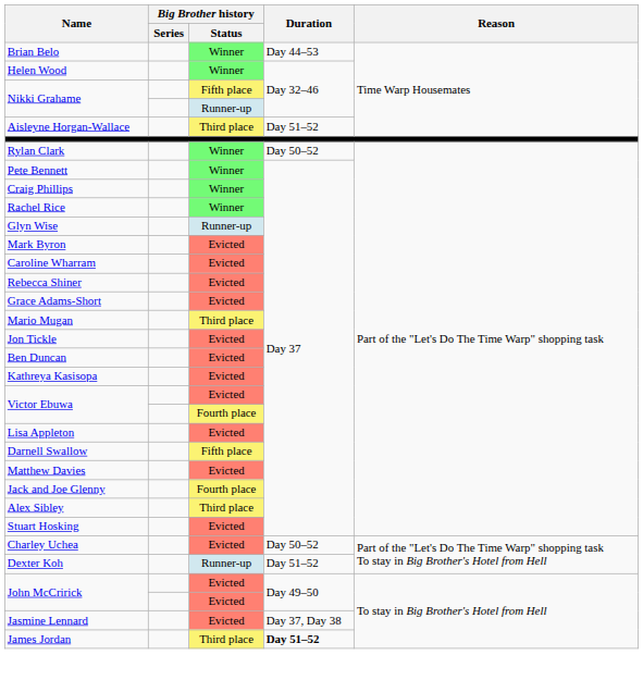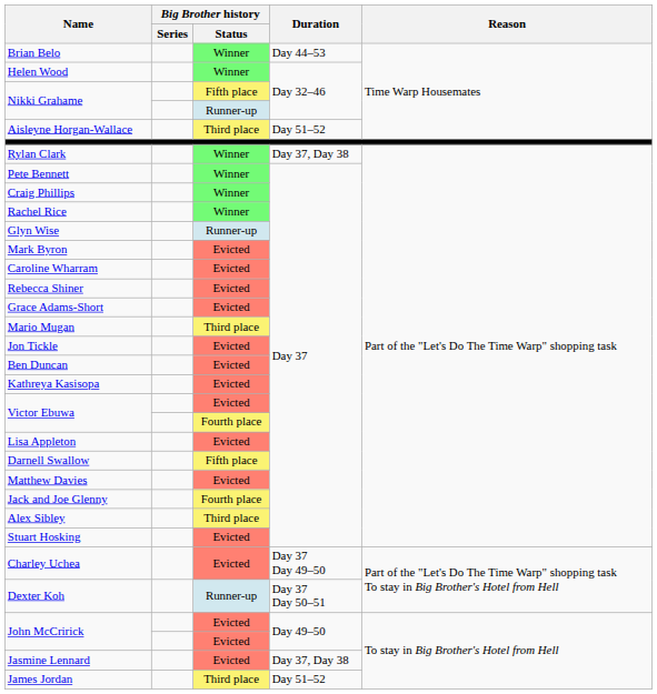 <table class="wikitable sortable" style="width:97%;">
 <tr>
 <th rowspan="2" style="text-align:center;">Name</th>
 <th colspan="2"><em>Big Brother</em> history</th>
 <th rowspan="2" style="text-align:center;">Duration</th>
 <th rowspan="2" style="text-align:center;">Reason</th>
 </tr>
 <tr>
 <th style="text-align:center;">Series</th>
 <th style="text-align:center;">Status</th>
 </tr>
 <tr>
 <td><a href='#'>Brian Belo</a></td>
 <td style="text-align:center"></td>
 <td style="background:#73FB76; text-align:center">Winner</td>
 <td>Day 44–53</td>
 <td rowspan=5>Time Warp Housemates</td>
 </tr>
 <tr>
 <td><a href='#'>Helen Wood</a></td>
 <td style="text-align:center"></td>
 <td style="background:#73FB76; text-align:center">Winner</td>
 <td rowspan=3>Day 32–46</td>
 </tr>
 <tr>
 <td rowspan=2><a href='#'>Nikki Grahame</a></td>
 <td style="text-align:center"></td>
 <td style="background:#FBF373; text-align:center">Fifth place</td>
 </tr>
 <tr>
 <td style="text-align:center"></td>
 <td style="background:#D1E8EF; text-align:center">Runner-up</td>
 </tr>
 <tr>
 <td><a href='#'>Aisleyne Horgan-Wallace</a></td>
 <td style="text-align:center"></td>
 <td style="background:#FBF373; text-align:center">Third place</td>
 <td>Day 51–52</td>
 </tr>
 <tr>
 <th style="background:#000;" colspan="5"></th>
 </tr>
 <tr>
 <td><a href='#'>Rylan Clark</a></td>
 <td style="text-align:center"></td>
 <td style="background:#73FB76; text-align:center">Winner</td>
-<td>Day 50–52</td>
+<td>Day 37, Day 38</td>
 <td rowspan=21>Part of the "Let's Do The Time Warp" shopping task</td>
 </tr>
 <tr>
 <td><a href='#'>Pete Bennett</a></td>
 <td style="text-align:center"></td>
 <td style="background:#73FB76; text-align:center">Winner</td>
 <td rowspan=20>Day 37</td>
 </tr>
 <tr>
 <td><a href='#'>Craig Phillips</a></td>
 <td style="text-align:center"></td>
 <td style="background:#73FB76; text-align:center">Winner</td>
 </tr>
 <tr>
 <td><a href='#'>Rachel Rice</a></td>
 <td style="text-align:center"></td>
 <td style="background:#73FB76; text-align:center">Winner</td>
 </tr>
 <tr>
 <td><a href='#'>Glyn Wise</a></td>
 <td style="text-align:center"></td>
 <td style="background:#D1E8EF; text-align:center">Runner-up</td>
 </tr>
 <tr>
 <td><a href='#'>Mark Byron</a></td>
 <td style="text-align:center"></td>
 <td style="background:#FF8072; text-align:center">Evicted</td>
 </tr>
 <tr>
 <td><a href='#'>Caroline Wharram</a></td>
 <td style="text-align:center"></td>
 <td style="background:#FF8072; text-align:center">Evicted</td>
 </tr>
 <tr>
 <td><a href='#'>Rebecca Shiner</a></td>
 <td style="text-align:center"></td>
 <td style="background:#FF8072; text-align:center">Evicted</td>
 </tr>
 <tr>
 <td><a href='#'>Grace Adams-Short</a></td>
 <td style="text-align:center"></td>
 <td style="background:#FF8072; text-align:center">Evicted</td>
 </tr>
 <tr>
 <td><a href='#'>Mario Mugan</a></td>
 <td style="text-align:center"></td>
 <td style="background:#FBF373; text-align:center">Third place</td>
 </tr>
 <tr>
 <td><a href='#'>Jon Tickle</a></td>
 <td style="text-align:center"></td>
 <td style="background:#FF8072; text-align:center">Evicted</td>
 </tr>
 <tr>
 <td><a href='#'>Ben Duncan</a></td>
 <td style="text-align:center"></td>
 <td style="background:#FF8072; text-align:center">Evicted</td>
 </tr>
 <tr>
 <td><a href='#'>Kathreya Kasisopa</a></td>
 <td style="text-align:center"></td>
 <td style="background:#FF8072; text-align:center">Evicted</td>
 </tr>
 <tr>
 <td rowspan=2><a href='#'>Victor Ebuwa</a></td>
 <td style="text-align:center"></td>
 <td style="background:#FF8072; text-align:center">Evicted</td>
 </tr>
 <tr>
 <td style="text-align:center"></td>
 <td style="background:#FBF373; text-align:center">Fourth place</td>
 </tr>
 <tr>
 <td><a href='#'>Lisa Appleton</a></td>
 <td style="text-align:center"></td>
 <td style="background:#FF8072; text-align:center">Evicted</td>
 </tr>
 <tr>
 <td><a href='#'>Darnell Swallow</a></td>
 <td style="text-align:center"></td>
 <td style="background:#FBF373; text-align:center">Fifth place</td>
 </tr>
 <tr>
 <td><a href='#'>Matthew Davies</a></td>
 <td style="text-align:center"></td>
 <td style="background:#FF8072; text-align:center">Evicted</td>
 </tr>
 <tr>
 <td><a href='#'>Jack and Joe Glenny</a></td>
 <td style="text-align:center"></td>
 <td style="background:#FBF373; text-align:center">Fourth place</td>
 </tr>
 <tr>
 <td><a href='#'>Alex Sibley</a></td>
 <td style="text-align:center"></td>
 <td style="background:#FBF373; text-align:center">Third place</td>
 </tr>
 <tr>
 <td><a href='#'>Stuart Hosking</a></td>
 <td style="text-align:center"></td>
 <td style="background:#FF8072; text-align:center">Evicted</td>
 </tr>
 <tr>
 <td><a href='#'>Charley Uchea</a></td>
 <td style="text-align:center"></td>
 <td style="background:#FF8072; text-align:center">Evicted</td>
-<td>Day 50–52</td>
+<td>Day 37<br>Day 49–50</td>
 <td rowspan=2>Part of the "Let's Do The Time Warp" shopping task<br>To stay in <em>Big Brother's Hotel from Hell</em></td>
 </tr>
 <tr>
 <td><a href='#'>Dexter Koh</a></td>
 <td style="text-align:center"></td>
 <td style="background:#D1E8EF; text-align:center">Runner-up</td>
-<td>Day 51–52</td>
+<td>Day 37<br>Day 50–51</td>
 </tr>
 <tr>
 <td rowspan=2><a href='#'>John McCririck</a></td>
 <td style="text-align:center"></td>
 <td style="background:#FF8072; text-align:center">Evicted</td>
 <td rowspan=2>Day 49–50</td>
 <td rowspan=4>To stay in <em>Big Brother's Hotel from Hell</em></td>
 </tr>
 <tr>
 <td style="text-align:center"></td>
 <td style="background:#FF8072; text-align:center">Evicted</td>
 </tr>
 <tr>
 <td><a href='#'>Jasmine Lennard</a></td>
 <td style="text-align:center"></td>
 <td style="background:#FF8072; text-align:center">Evicted</td>
 <td>Day 37, Day 38</td>
 </tr>
 <tr>
 <td><a href='#'>James Jordan</a></td>
 <td style="text-align:center"></td>
 <td style="background:#FBF373; text-align:center">Third place</td>
-<td><strong>Day 51–52</strong></td>
+<td>Day 51–52</td>
 </tr>
 </table>
